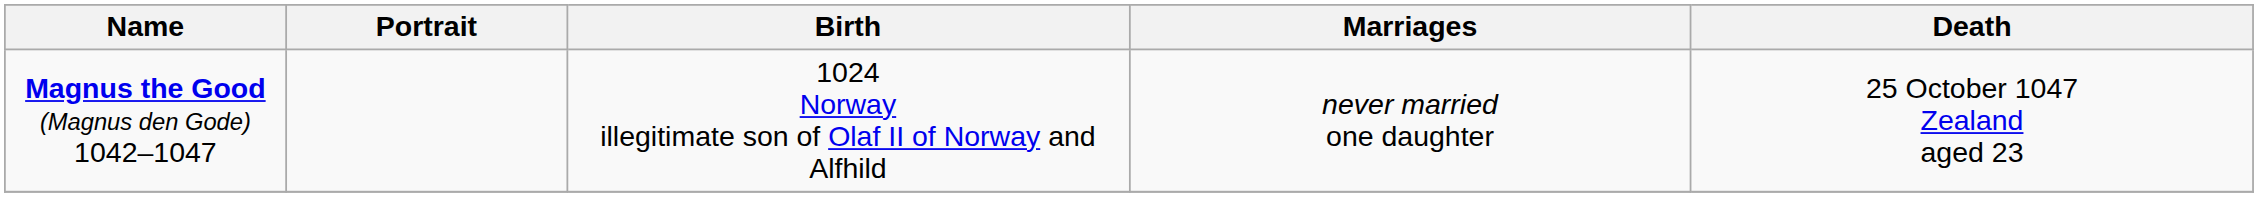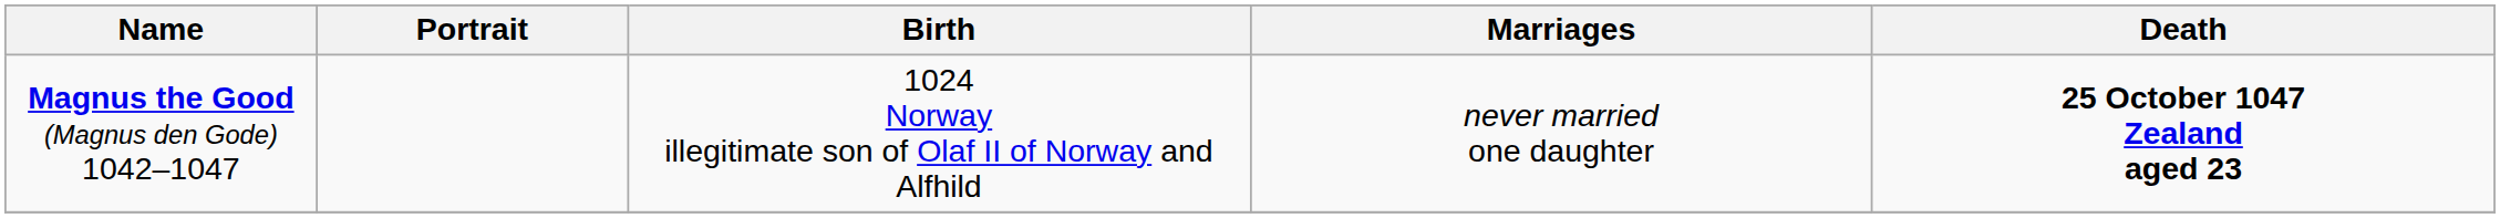 <table style="text-align:center; width:100%" class="wikitable">
 <tr>
 <th width=10%>Name</th>
 <th width=10%>Portrait</th>
 <th width=20%>Birth</th>
 <th width=20%>Marriages</th>
 <th width=20%>Death</th>
 </tr>
 <tr>
 <td><strong><a href='#'>Magnus the Good</a></strong><br><small><em>(Magnus den Gode)</em></small><br>1042–1047</td>
 <td></td>
 <td> 1024<br><a href='#'>Norway</a><br>illegitimate son of <a href='#'>Olaf II of Norway</a> and Alfhild</td>
 <td><em>never married</em><br>one daughter</td>
-<td>25 October 1047<br><a href='#'>Zealand</a><br>aged 23</td>
+<td><strong>25 October 1047<br><a href='#'>Zealand</a><br>aged 23</strong></td>
 </tr>
 <tr>
 </tr>
 </table>
